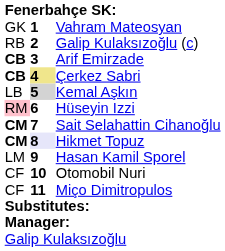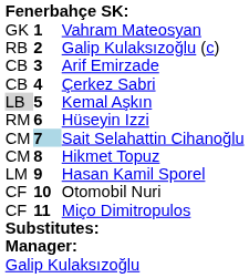 <table style="font-size: 90%" cellspacing="0" cellpadding="0" align=center>
 <tr>
 <td colspan="4"><strong>Fenerbahçe SK:</strong></td>
 </tr>
 <tr>
 <th width="25"></th>
 <th width="25"></th>
 </tr>
 <tr>
 <td>GK</td>
 <td><strong>1</strong></td>
 <td> <a href='#'>Vahram Mateosyan</a></td>
 </tr>
 <tr>
 <td>RB</td>
 <td><strong>2</strong></td>
 <td> <a href='#'>Galip Kulaksızoğlu</a> (<a href='#'>c</a>)</td>
 </tr>
 <tr>
-<td><strong>CB</strong></td>
+<td>CB</td>
 <td><strong>3</strong></td>
 <td> <a href='#'>Arif Emirzade</a></td>
 </tr>
 <tr>
-<td><strong>CB</strong></td>
-<td style="background: khaki;"><strong>4</strong></td>
+<td>CB</td>
+<td><strong>4</strong></td>
 <td> <a href='#'>Çerkez Sabri</a></td>
 </tr>
 <tr>
-<td>LB</td>
-<td style="background: lightgrey;"><strong>5</strong></td>
+<td style="background: lightgrey;">LB</td>
+<td><strong>5</strong></td>
 <td> <a href='#'>Kemal Aşkın</a></td>
 </tr>
 <tr>
-<td style="background: pink;">RM</td>
+<td>RM</td>
 <td><strong>6</strong></td>
 <td> <a href='#'>Hüseyin Izzi</a></td>
 </tr>
 <tr>
-<td><strong>CM</strong></td>
-<td><strong>7</strong></td>
+<td>CM</td>
+<td style="background: lightblue;"><strong>7</strong></td>
 <td> <a href='#'>Sait Selahattin Cihanoğlu</a></td>
 </tr>
 <tr>
-<td><strong>CM</strong></td>
-<td style="background: lavender;"><strong>8</strong></td>
+<td>CM</td>
+<td><strong>8</strong></td>
 <td> <a href='#'>Hikmet Topuz</a></td>
 </tr>
 <tr>
 <td>LM</td>
 <td><strong>9</strong></td>
 <td> <a href='#'>Hasan Kamil Sporel</a></td>
 </tr>
 <tr>
 <td>CF</td>
 <td><strong>10</strong></td>
 <td> Otomobil Nuri</td>
 </tr>
 <tr>
 <td>CF</td>
 <td><strong>11</strong></td>
 <td> <a href='#'>Miço Dimitropulos</a></td>
 </tr>
 <tr>
 <td colspan=4><strong>Substitutes:</strong></td>
 </tr>
 <tr>
 <td colspan=4><strong>Manager:</strong></td>
 </tr>
 <tr>
 <td colspan="4"> <a href='#'>Galip Kulaksızoğlu</a></td>
 </tr>
 </table>
